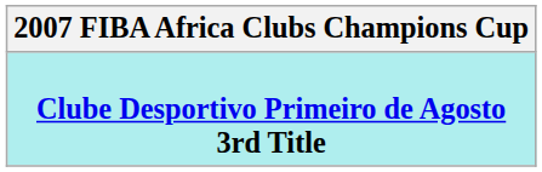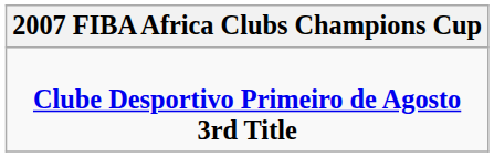 <table class=wikitable style="text-align:center; margin:auto">
 <tr>
 <th>2007 FIBA Africa Clubs Champions Cup</th>
 </tr>
 <tr>
-<td style="background: paleturquoise;"><br><strong><a href='#'>Clube Desportivo Primeiro de Agosto</a></strong><br><strong>3rd Title</strong></td>
+<td><br><strong><a href='#'>Clube Desportivo Primeiro de Agosto</a></strong><br><strong>3rd Title</strong></td>
 </tr>
 </table>
